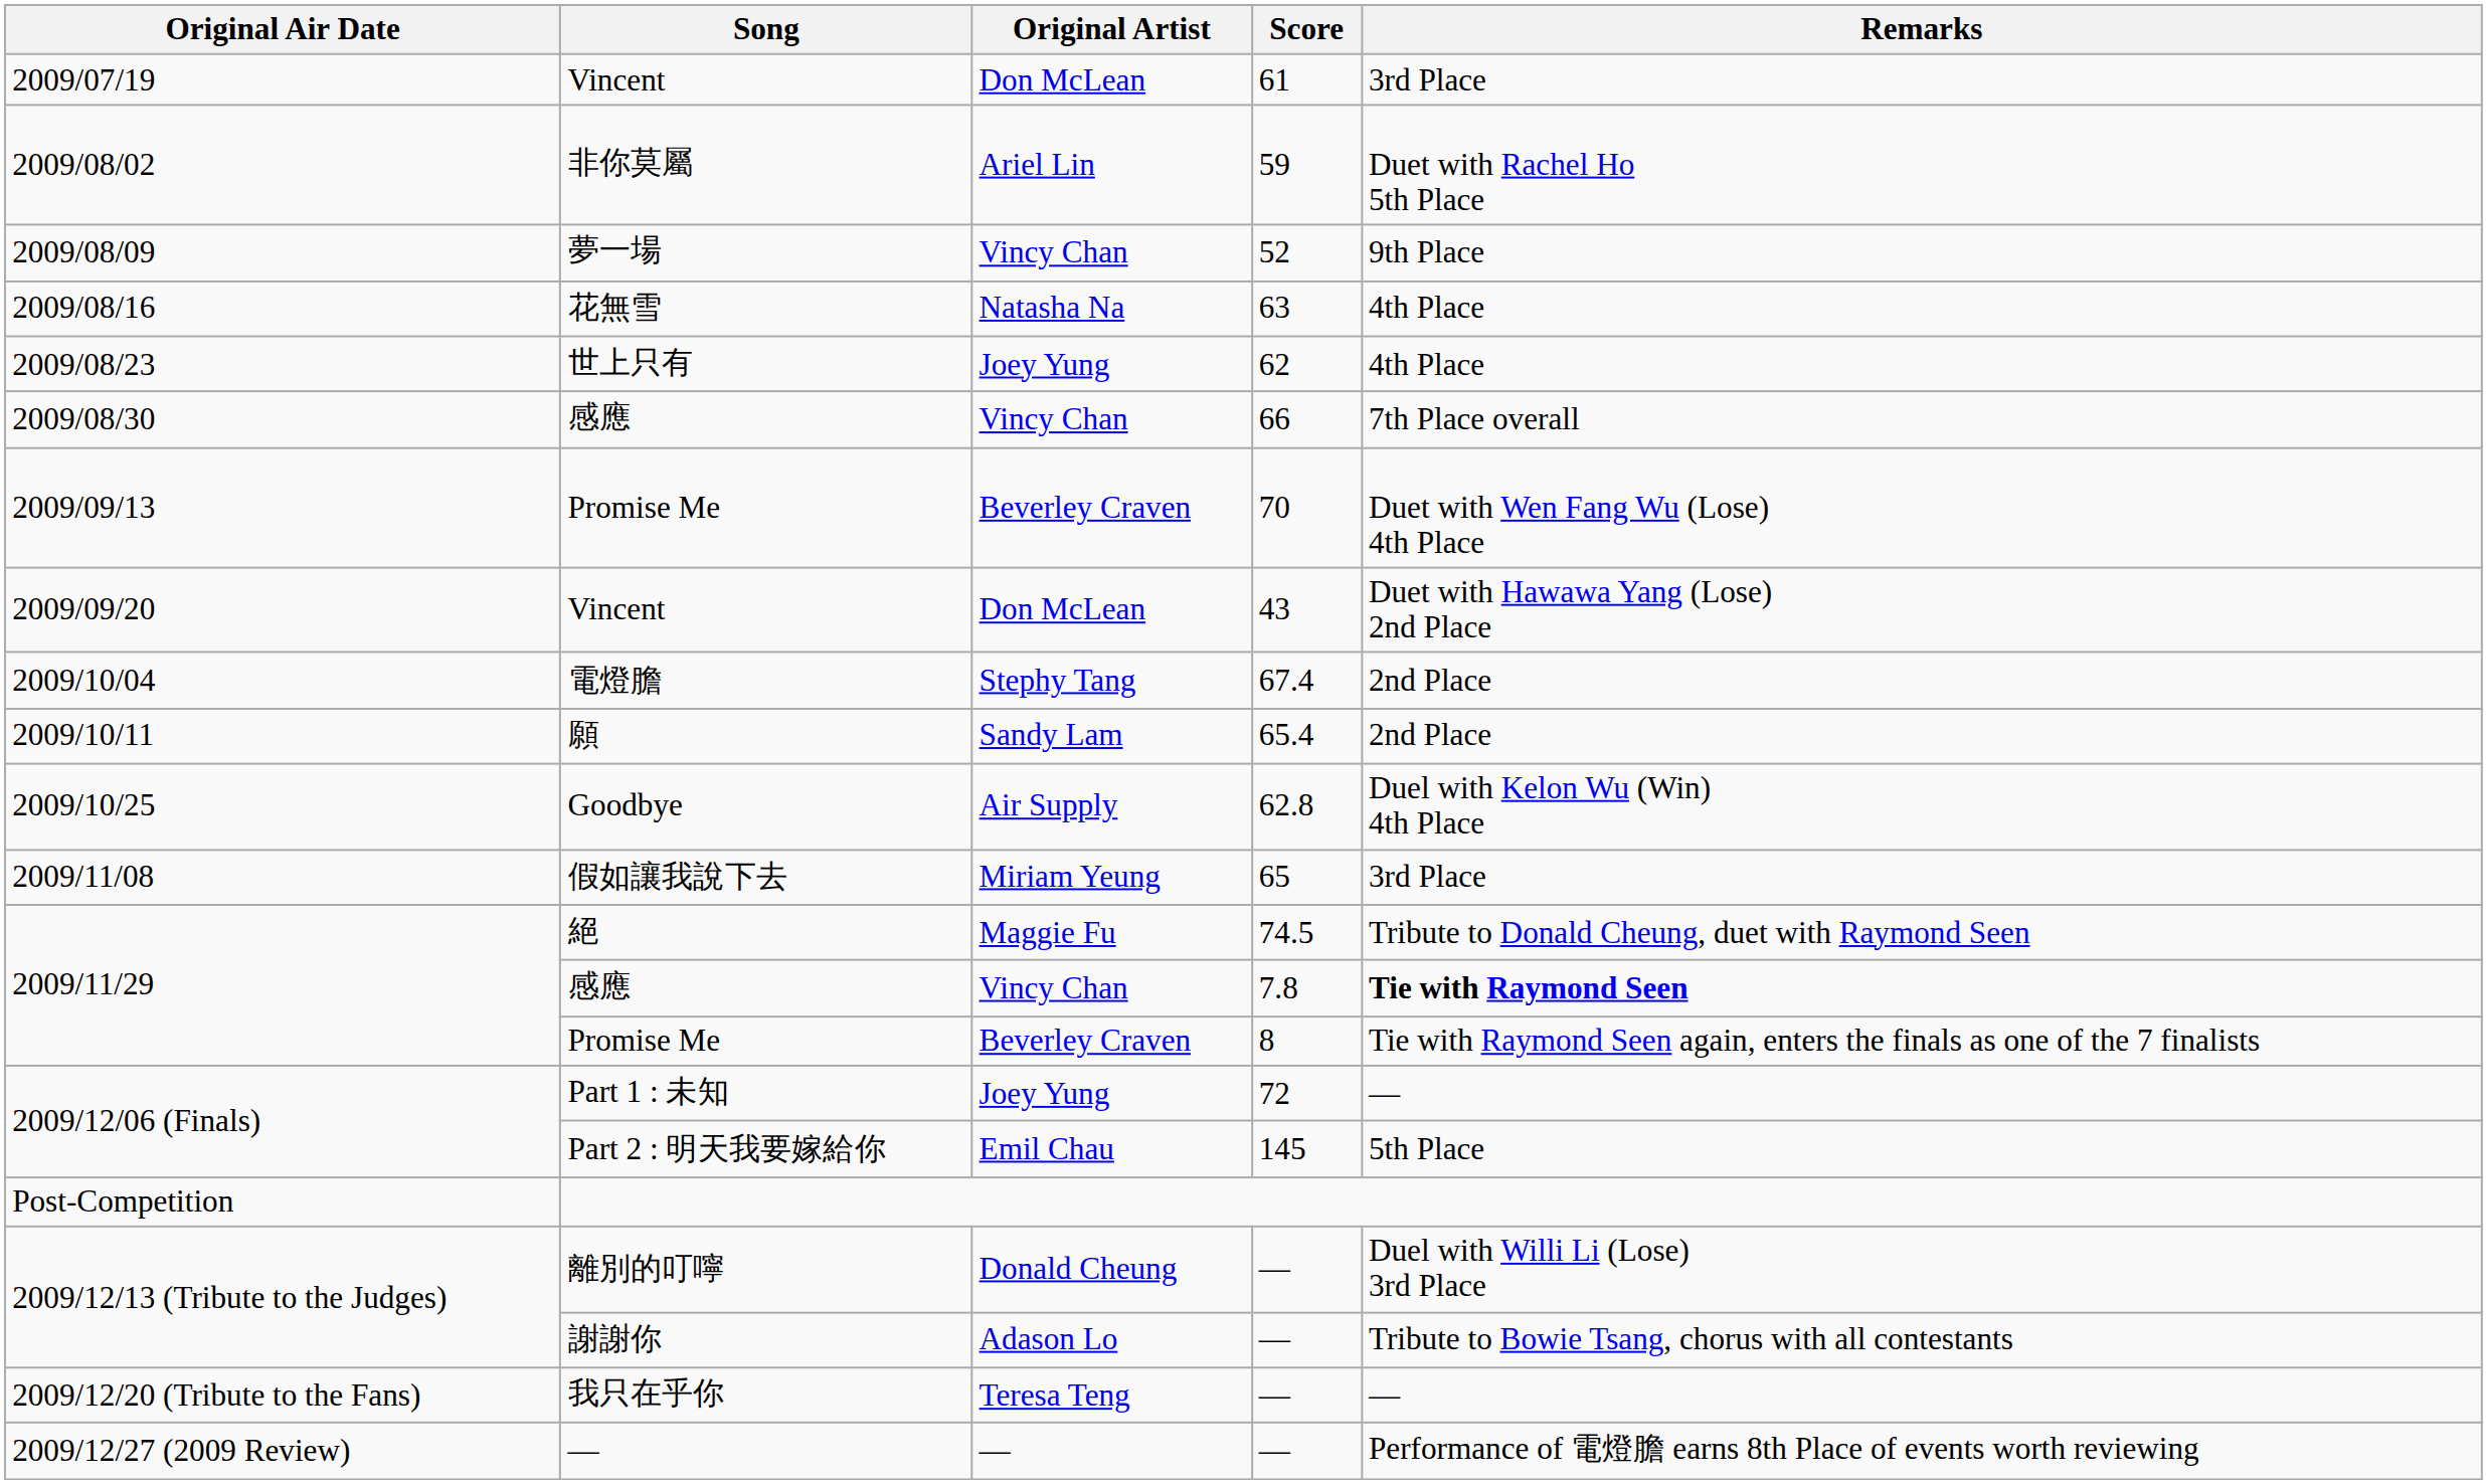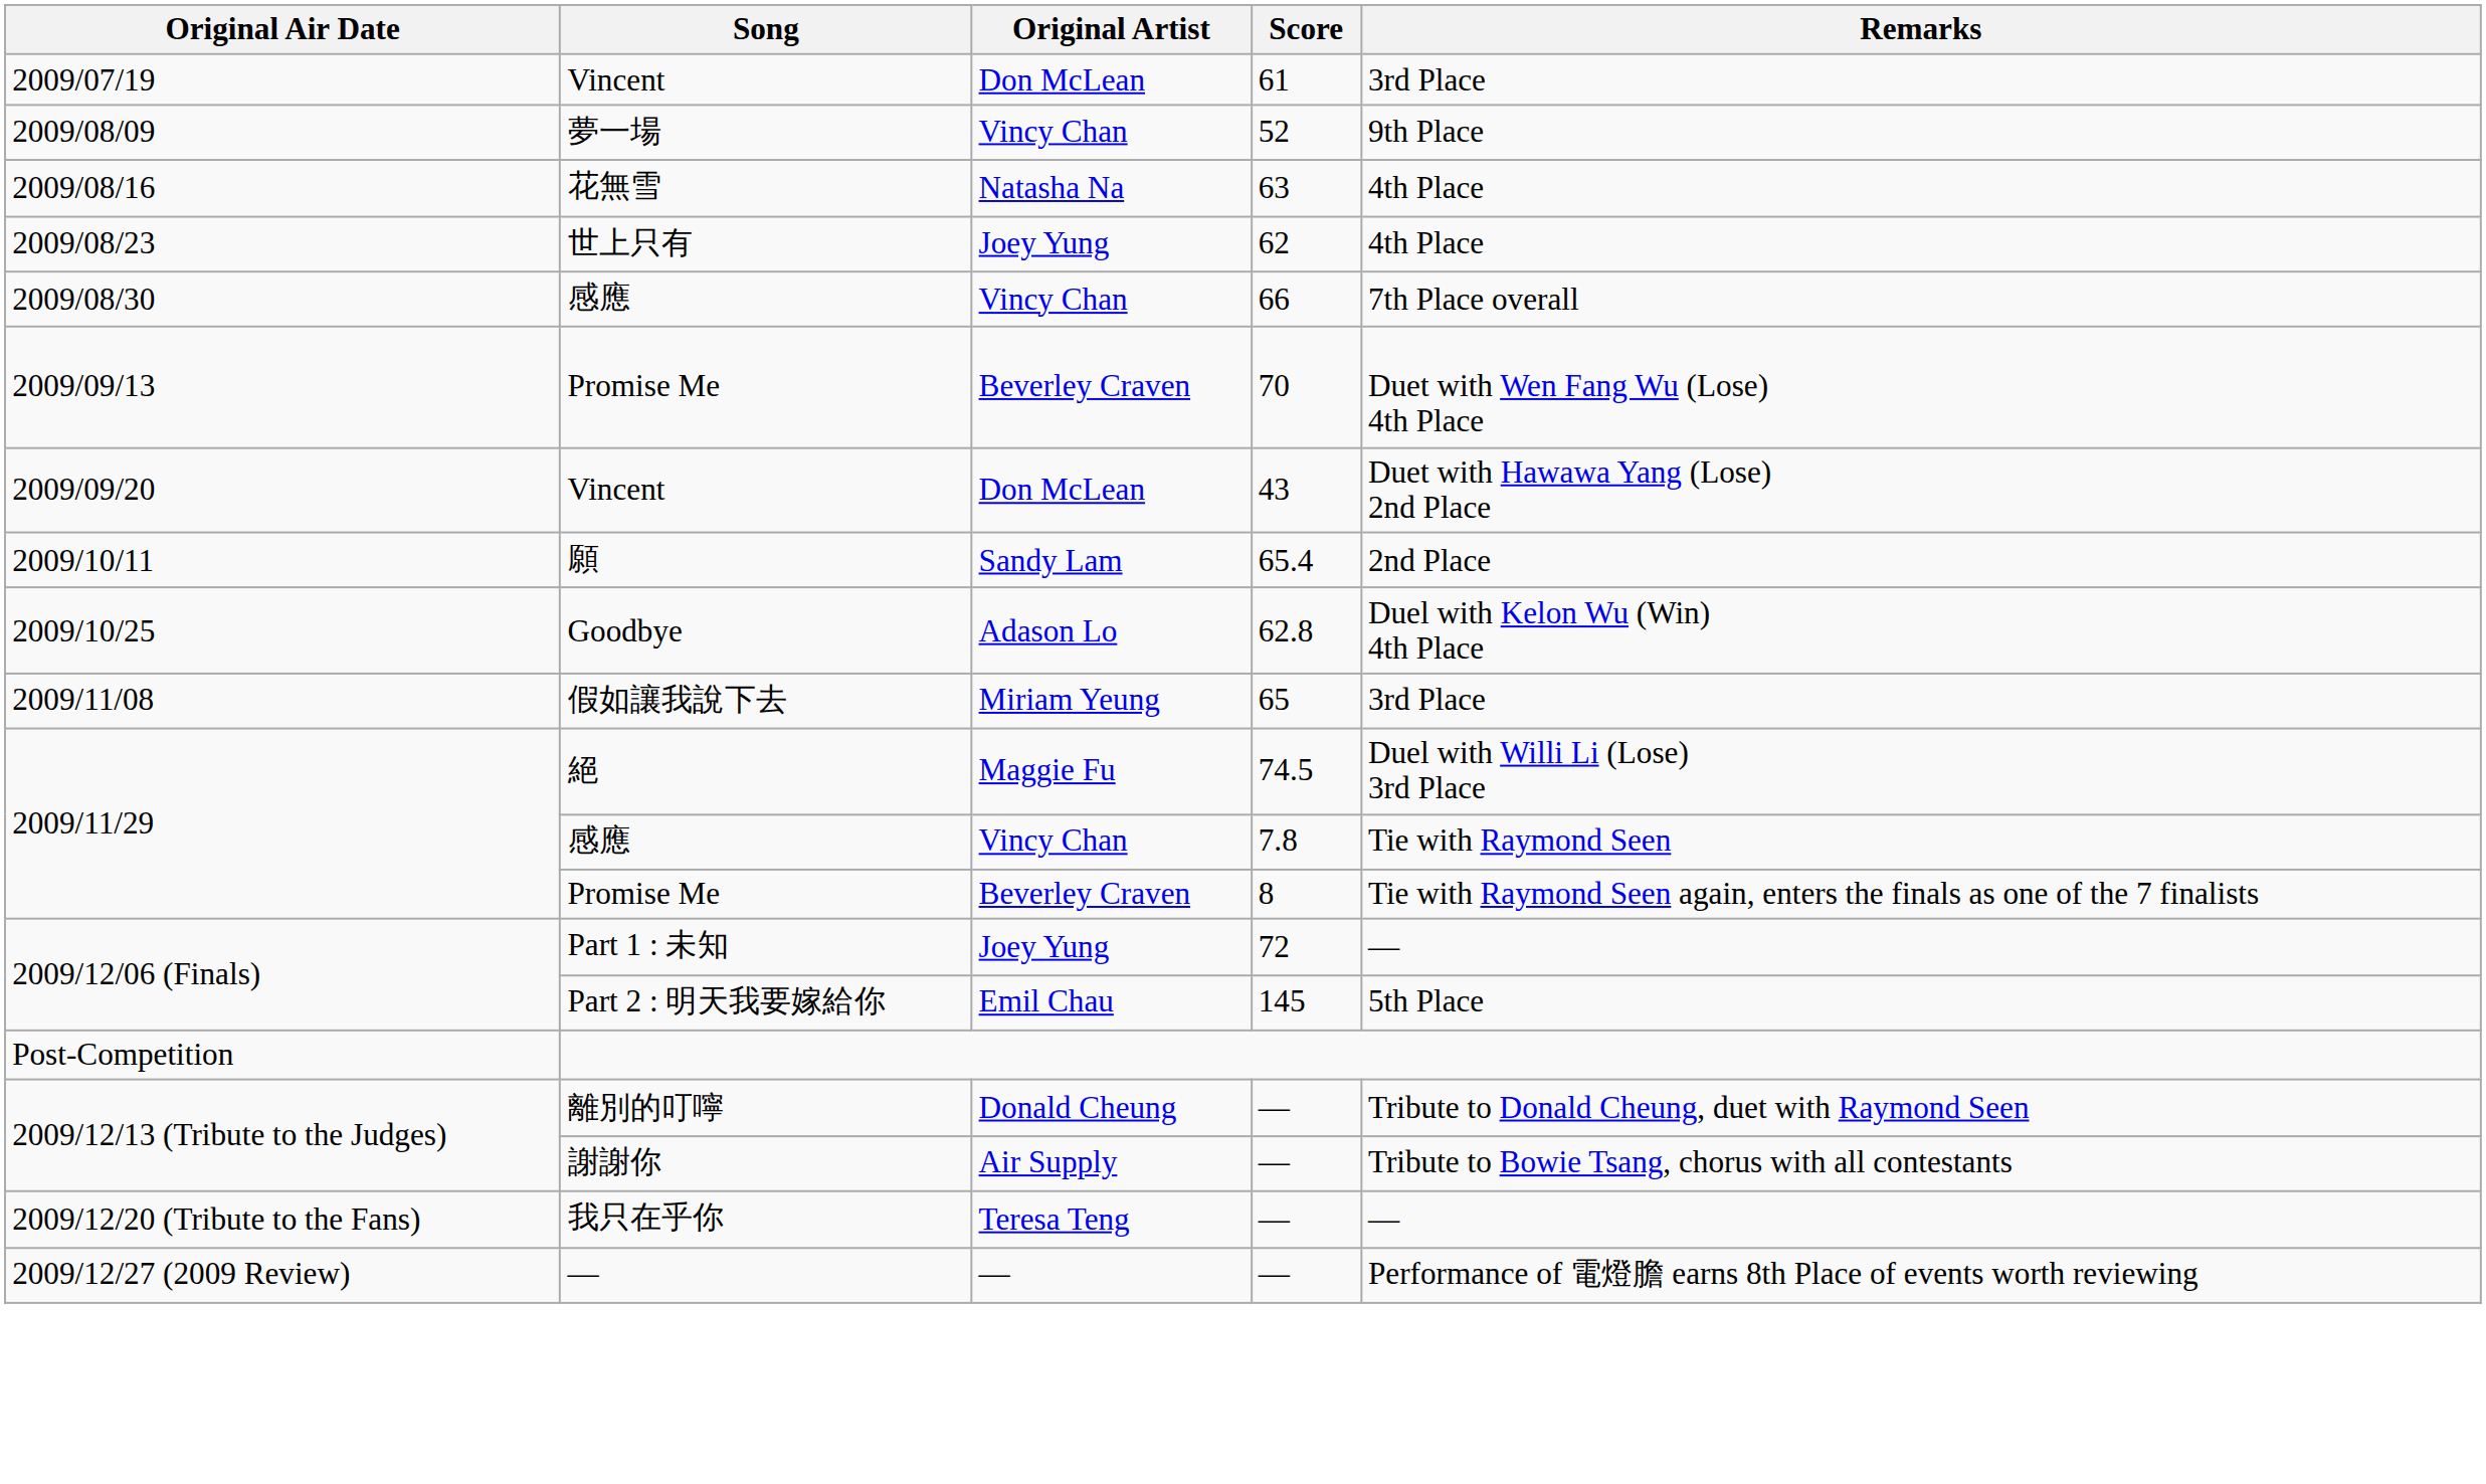 <table class="wikitable" style="width: 100%">
 <tr>
 <th>Original Air Date</th>
 <th>Song</th>
 <th>Original Artist</th>
 <th>Score</th>
 <th>Remarks</th>
 </tr>
 <tr>
 <td>2009/07/19</td>
 <td>Vincent</td>
 <td><a href='#'>Don McLean</a></td>
 <td>61</td>
 <td>3rd Place</td>
-</tr>
-<tr>
-<td>2009/08/02</td>
-<td>非你莫屬</td>
-<td><a href='#'>Ariel Lin</a></td>
-<td>59</td>
-<td><br>Duet with <a href='#'>Rachel Ho</a> <br>5th Place</td>
 </tr>
 <tr>
 <td>2009/08/09</td>
 <td>夢一場</td>
 <td><a href='#'>Vincy Chan</a></td>
 <td>52</td>
 <td>9th Place</td>
 </tr>
 <tr>
 <td>2009/08/16</td>
 <td>花無雪</td>
 <td><a href='#'>Natasha Na</a></td>
 <td>63</td>
 <td>4th Place</td>
 </tr>
 <tr>
 <td>2009/08/23</td>
 <td>世上只有</td>
 <td><a href='#'>Joey Yung</a></td>
 <td>62</td>
 <td>4th Place</td>
 </tr>
 <tr>
 <td>2009/08/30</td>
 <td>感應</td>
 <td><a href='#'>Vincy Chan</a></td>
 <td>66</td>
 <td>7th Place overall</td>
 </tr>
 <tr>
 <td>2009/09/13</td>
 <td>Promise Me</td>
 <td><a href='#'>Beverley Craven</a></td>
 <td>70</td>
 <td><br>Duet with <a href='#'>Wen Fang Wu</a> (Lose) <br>4th Place</td>
 </tr>
 <tr>
 <td>2009/09/20</td>
 <td>Vincent</td>
 <td><a href='#'>Don McLean</a></td>
 <td>43</td>
 <td>Duet with <a href='#'>Hawawa Yang</a> (Lose)<br>2nd Place</td>
 </tr>
 <tr>
-<td>2009/10/04</td>
-<td>電燈膽</td>
-<td><a href='#'>Stephy Tang</a></td>
-<td>67.4</td>
-<td>2nd Place</td>
-</tr>
-<tr>
 <td>2009/10/11</td>
 <td>願</td>
 <td><a href='#'>Sandy Lam</a></td>
 <td>65.4</td>
 <td>2nd Place</td>
 </tr>
 <tr>
 <td>2009/10/25</td>
 <td>Goodbye</td>
-<td><a href='#'>Air Supply</a></td>
+<td><a href='#'>Adason Lo</a></td>
 <td>62.8</td>
 <td>Duel with <a href='#'>Kelon Wu</a> (Win)<br>4th Place</td>
 </tr>
 <tr>
 <td>2009/11/08</td>
 <td>假如讓我說下去</td>
 <td><a href='#'>Miriam Yeung</a></td>
 <td>65</td>
 <td>3rd Place</td>
 </tr>
 <tr>
 <td rowspan=3>2009/11/29</td>
 <td>絕</td>
 <td><a href='#'>Maggie Fu</a></td>
 <td>74.5</td>
-<td>Tribute to <a href='#'>Donald Cheung</a>, duet with <a href='#'>Raymond Seen</a></td>
+<td>Duel with <a href='#'>Willi Li</a> (Lose)<br>3rd Place</td>
 </tr>
 <tr>
 <td>感應</td>
 <td><a href='#'>Vincy Chan</a></td>
 <td>7.8</td>
-<td><strong>Tie with <a href='#'>Raymond Seen</a></strong></td>
+<td>Tie with <a href='#'>Raymond Seen</a></td>
 </tr>
 <tr>
 <td>Promise Me</td>
 <td><a href='#'>Beverley Craven</a></td>
 <td>8</td>
 <td>Tie with <a href='#'>Raymond Seen</a> again, enters the finals as one of the 7 finalists</td>
 </tr>
 <tr>
 <td rowspan=2>2009/12/06 (Finals)</td>
 <td>Part 1 : 未知</td>
 <td><a href='#'>Joey Yung</a></td>
 <td>72</td>
 <td>—</td>
 </tr>
 <tr>
 <td>Part 2 : 明天我要嫁給你</td>
 <td><a href='#'>Emil Chau</a></td>
 <td>145</td>
 <td>5th Place</td>
 </tr>
 <tr>
 <td>Post-Competition</td>
 </tr>
 <tr>
 <td rowspan=2>2009/12/13 (Tribute to the Judges)</td>
 <td>離別的叮嚀</td>
 <td><a href='#'>Donald Cheung</a></td>
 <td>—</td>
-<td>Duel with <a href='#'>Willi Li</a> (Lose)<br>3rd Place</td>
+<td>Tribute to <a href='#'>Donald Cheung</a>, duet with <a href='#'>Raymond Seen</a></td>
 </tr>
 <tr>
 <td>謝謝你</td>
-<td><a href='#'>Adason Lo</a></td>
+<td><a href='#'>Air Supply</a></td>
 <td>—</td>
 <td>Tribute to <a href='#'>Bowie Tsang</a>, chorus with all contestants</td>
 </tr>
 <tr>
 <td>2009/12/20 (Tribute to the Fans)</td>
 <td>我只在乎你</td>
 <td><a href='#'>Teresa Teng</a></td>
 <td>—</td>
 <td>—</td>
 </tr>
 <tr>
 <td>2009/12/27 (2009 Review)</td>
 <td>—</td>
 <td>—</td>
 <td>—</td>
 <td>Performance of 電燈膽 earns 8th Place of events worth reviewing</td>
 </tr>
 </table>
